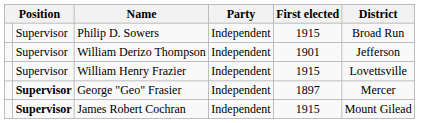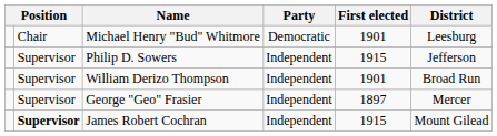 <table class="wikitable">
 <tr>
 <th colspan="2">Position</th>
 <th>Name</th>
 <th>Party</th>
 <th>First elected</th>
 <th>District</th>
 </tr>
 <tr>
 <td style="background-color:"> </td>
+<td>Chair</td>
+<td>Michael Henry "Bud" Whitmore</td>
+<td style="text-align:center;">Democratic</td>
+<td style="text-align:center;">1901</td>
+<td style="text-align:center;">Leesburg</td>
+</tr>
+<tr>
+<td style="background-color:"> </td>
 <td>Supervisor</td>
 <td>Philip D. Sowers</td>
 <td style="text-align:center;">Independent</td>
 <td style="text-align:center;">1915</td>
-<td style="text-align:center;">Broad Run</td>
+<td style="text-align:center;">Jefferson</td>
 </tr>
 <tr>
 <td style="background-color:"> </td>
 <td>Supervisor</td>
 <td>William Derizo Thompson</td>
 <td style="text-align:center;">Independent</td>
 <td style="text-align:center;">1901</td>
-<td style="text-align:center;">Jefferson</td>
+<td style="text-align:center;">Broad Run</td>
 </tr>
 <tr>
 <td style="background-color:"> </td>
 <td>Supervisor</td>
-<td>William Henry Frazier</td>
-<td style="text-align:center;">Independent</td>
-<td style="text-align:center;">1915</td>
-<td style="text-align:center;">Lovettsville</td>
-</tr>
-<tr>
-<td style="background-color:"> </td>
-<td><strong>Supervisor</strong></td>
 <td>George "Geo" Frasier</td>
 <td style="text-align:center;">Independent</td>
 <td style="text-align:center;">1897</td>
 <td style="text-align:center;">Mercer</td>
 </tr>
 <tr>
 <td style="background-color:"> </td>
 <td><strong>Supervisor</strong></td>
 <td>James Robert Cochran</td>
 <td style="text-align:center;">Independent</td>
 <td style="text-align:center;">1915</td>
 <td style="text-align:center;">Mount Gilead</td>
 </tr>
 </table>
